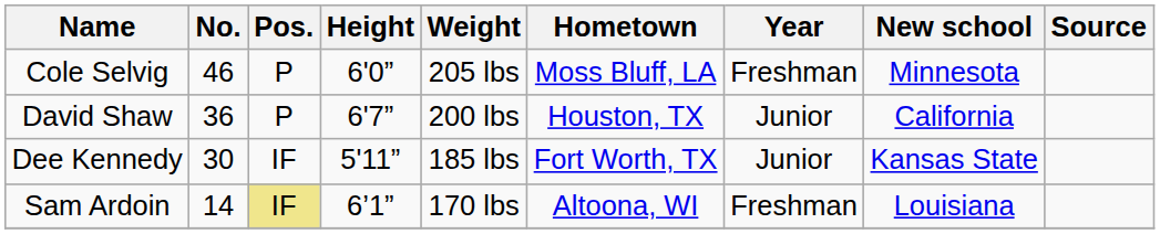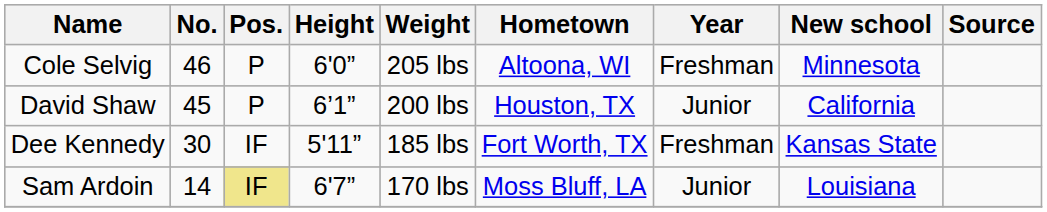 <table class="wikitable sortable">
 <tr>
 <th style="text-align:center; ">Name</th>
 <th style="text-align:center; ">No.</th>
 <th style="text-align:center; ">Pos.</th>
 <th style="text-align:center; ">Height</th>
 <th style="text-align:center; ">Weight</th>
 <th style="text-align:center; ">Hometown</th>
 <th style="text-align:center; ">Year</th>
 <th style="text-align:center; ">New school</th>
 <th style="text-align:center; ">Source</th>
 </tr>
 <tr align="center">
 <td>Cole Selvig</td>
 <td>46</td>
 <td>P</td>
 <td>6'0”</td>
 <td>205 lbs</td>
-<td><a href='#'>Moss Bluff, LA</a></td>
+<td><a href='#'>Altoona, WI</a></td>
 <td>Freshman</td>
 <td><a href='#'>Minnesota</a></td>
 <td></td>
 </tr>
 <tr align="center">
 <td>David Shaw</td>
-<td>36</td>
+<td>45</td>
 <td>P</td>
-<td>6'7”</td>
+<td>6’1”</td>
 <td>200 lbs</td>
 <td><a href='#'>Houston, TX</a></td>
 <td>Junior</td>
 <td><a href='#'>California</a></td>
 <td></td>
 </tr>
 <tr align="center">
 <td>Dee Kennedy</td>
 <td>30</td>
 <td>IF</td>
 <td>5'11”</td>
 <td>185 lbs</td>
 <td><a href='#'>Fort Worth, TX</a></td>
-<td>Junior</td>
+<td>Freshman</td>
 <td><a href='#'>Kansas State</a></td>
 <td></td>
 </tr>
 <tr align="center">
 <td>Sam Ardoin</td>
 <td>14</td>
 <td style="background: khaki;">IF</td>
-<td>6’1”</td>
+<td>6'7”</td>
 <td>170 lbs</td>
-<td><a href='#'>Altoona, WI</a></td>
-<td>Freshman</td>
+<td><a href='#'>Moss Bluff, LA</a></td>
+<td>Junior</td>
 <td><a href='#'>Louisiana</a></td>
 <td></td>
 </tr>
 <tr>
 </tr>
 </table>
